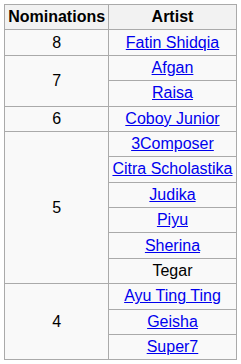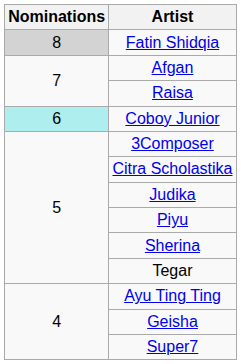 <table class="wikitable" style="text-align: center">
 <tr>
 <th>Nominations</th>
 <th>Artist</th>
 </tr>
 <tr>
-<td style="text-align:center">8</td>
+<td style="background: lightgrey; text-align:center">8</td>
 <td><a href='#'>Fatin Shidqia</a></td>
 </tr>
 <tr>
 <td style="text-align:center" rowspan= "2">7</td>
 <td><a href='#'>Afgan</a></td>
 </tr>
 <tr>
 <td><a href='#'>Raisa</a></td>
 </tr>
 <tr>
-<td style="text-align:center">6</td>
+<td style="background: paleturquoise; text-align:center">6</td>
 <td><a href='#'>Coboy Junior</a></td>
 </tr>
 <tr>
 <td style="text-align:center" rowspan= "6">5</td>
 <td><a href='#'>3Composer</a></td>
 </tr>
 <tr>
 <td><a href='#'>Citra Scholastika</a></td>
 </tr>
 <tr>
 <td><a href='#'>Judika</a></td>
 </tr>
 <tr>
 <td><a href='#'>Piyu</a></td>
 </tr>
 <tr>
 <td><a href='#'>Sherina</a></td>
 </tr>
 <tr>
 <td>Tegar</td>
 </tr>
 <tr>
 <td style="text-align:center" rowspan= "3">4</td>
 <td><a href='#'>Ayu Ting Ting</a></td>
 </tr>
 <tr>
 <td><a href='#'>Geisha</a></td>
 </tr>
 <tr>
 <td><a href='#'>Super7</a></td>
 </tr>
 </table>
